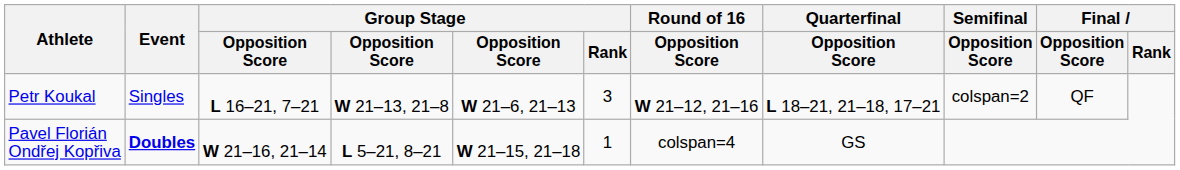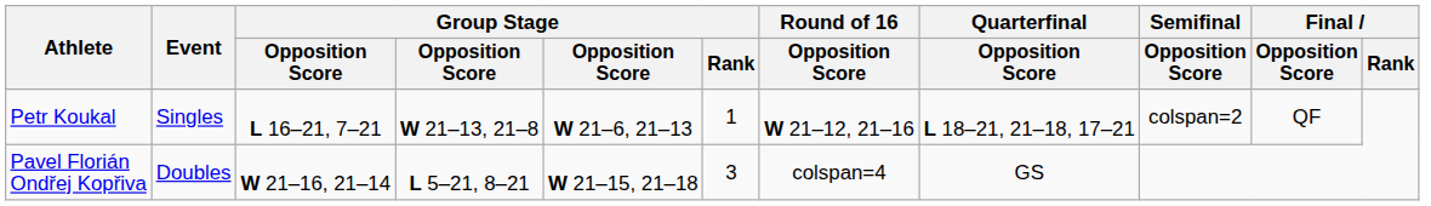 <table class="wikitable" style="font-size:90%">
 <tr>
 <th rowspan=2>Athlete</th>
 <th rowspan=2>Event</th>
 <th colspan=4>Group Stage</th>
 <th>Round of 16</th>
 <th>Quarterfinal</th>
 <th>Semifinal</th>
 <th colspan=2>Final / </th>
 </tr>
 <tr style="font-size:95%">
 <th>Opposition<br>Score</th>
 <th>Opposition<br>Score</th>
 <th>Opposition<br>Score</th>
 <th>Rank</th>
 <th>Opposition<br>Score</th>
 <th>Opposition<br>Score</th>
 <th>Opposition<br>Score</th>
 <th>Opposition<br>Score</th>
 <th>Rank</th>
 </tr>
 <tr align=center>
 <td align=left><a href='#'>Petr Koukal</a></td>
 <td align=left><a href='#'>Singles</a></td>
 <td><br><strong>L</strong> 16–21, 7–21</td>
 <td><br> <strong>W</strong> 21–13, 21–8</td>
 <td><br><strong>W</strong> 21–6, 21–13</td>
-<td>3</td>
+<td>1</td>
 <td><br><strong>W</strong> 21–12, 21–16</td>
 <td><br><strong>L</strong> 18–21, 21–18, 17–21</td>
 <td>colspan=2 </td>
 <td>QF</td>
 </tr>
 <tr align=center>
 <td align=left><a href='#'>Pavel Florián</a><br><a href='#'>Ondřej Kopřiva</a></td>
-<td align=left><strong><a href='#'>Doubles</a></strong></td>
+<td align=left><a href='#'>Doubles</a></td>
 <td><br><strong>W</strong> 21–16, 21–14</td>
 <td><br><strong>L</strong> 5–21, 8–21</td>
 <td><br><strong>W</strong> 21–15, 21–18</td>
-<td>1</td>
+<td>3</td>
 <td>colspan=4 </td>
 <td>GS</td>
 </tr>
 </table>
